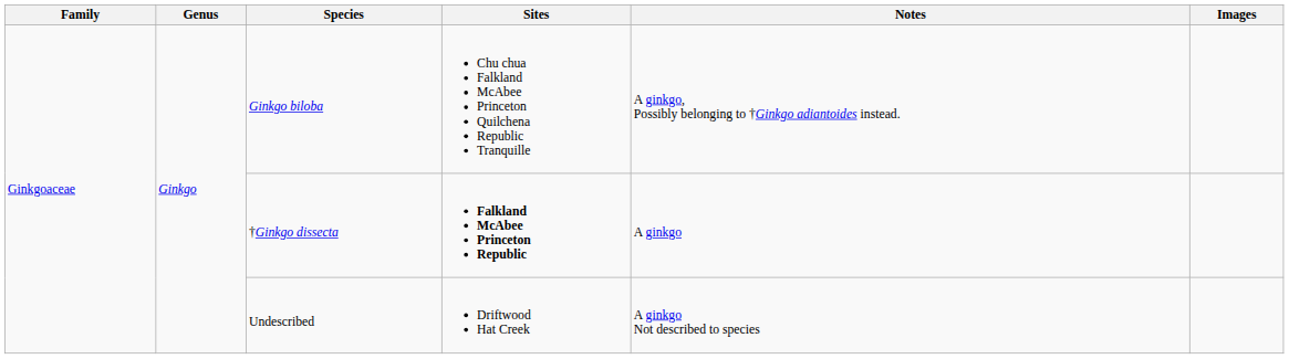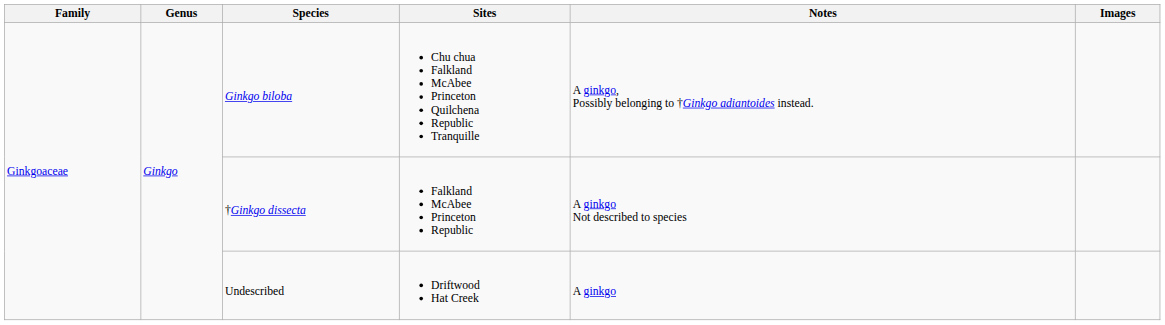 <table class="wikitable sortable mw-collapsible" style="margin:auto; width:100%">
 <tr>
 <th>Family</th>
 <th>Genus</th>
 <th>Species</th>
 <th>Sites</th>
 <th>Notes</th>
 <th>Images</th>
 </tr>
 <tr>
 <td rowspan=3><a href='#'>Ginkgoaceae</a></td>
 <td rowspan=3><em><a href='#'>Ginkgo</a></em></td>
 <td><br><em><a href='#'>Ginkgo biloba</a></em></td>
 <td><br><ul><li>Chu chua</li><li>Falkland</li><li>McAbee</li><li>Princeton</li><li>Quilchena</li><li>Republic</li><li>Tranquille</li></ul></td>
 <td><br>A <a href='#'>ginkgo</a>,<br> Possibly belonging to †<em><a href='#'>Ginkgo adiantoides</a></em> instead.</td>
 <td><br></td>
 </tr>
 <tr>
 <td><br>†<em><a href='#'>Ginkgo dissecta</a></em></td>
-<td><strong><br><ul><li>Falkland</li><li>McAbee</li><li>Princeton</li><li>Republic</li></ul></strong></td>
-<td><br>A <a href='#'>ginkgo</a></td>
+<td><br><ul><li>Falkland</li><li>McAbee</li><li>Princeton</li><li>Republic</li></ul></td>
+<td><br>A <a href='#'>ginkgo</a><br> Not described to species</td>
 <td><br></td>
 </tr>
 <tr>
 <td><br>Undescribed</td>
 <td><br><ul><li>Driftwood</li><li>Hat Creek</li></ul></td>
-<td><br>A <a href='#'>ginkgo</a><br> Not described to species</td>
+<td><br>A <a href='#'>ginkgo</a></td>
 <td></td>
 </tr>
 </table>
